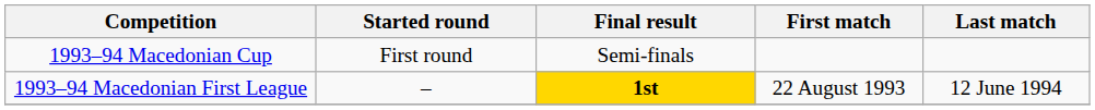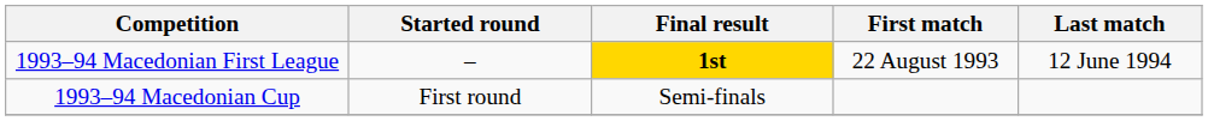 <table class="wikitable" style="text-align: center;">
 <tr>
 <th width="230">Competition</th>
 <th width="160">Started round</th>
 <th width="160">Final result</th>
 <th width="120">First match</th>
 <th width="120">Last match</th>
 </tr>
 <tr>
+<td><a href='#'>1993–94 Macedonian First League</a></td>
+<td>–</td>
+<td bgcolor=gold><strong>1st</strong></td>
+<td>22 August 1993</td>
+<td>12 June 1994</td>
+</tr>
+<tr>
 <td><a href='#'>1993–94 Macedonian Cup</a></td>
 <td>First round</td>
 <td>Semi-finals</td>
 <td></td>
 <td></td>
 </tr>
 <tr>
-<td><a href='#'>1993–94 Macedonian First League</a></td>
-<td>–</td>
-<td bgcolor=gold><strong>1st</strong></td>
-<td>22 August 1993</td>
-<td>12 June 1994</td>
-</tr>
-<tr>
 </tr>
 </table>
